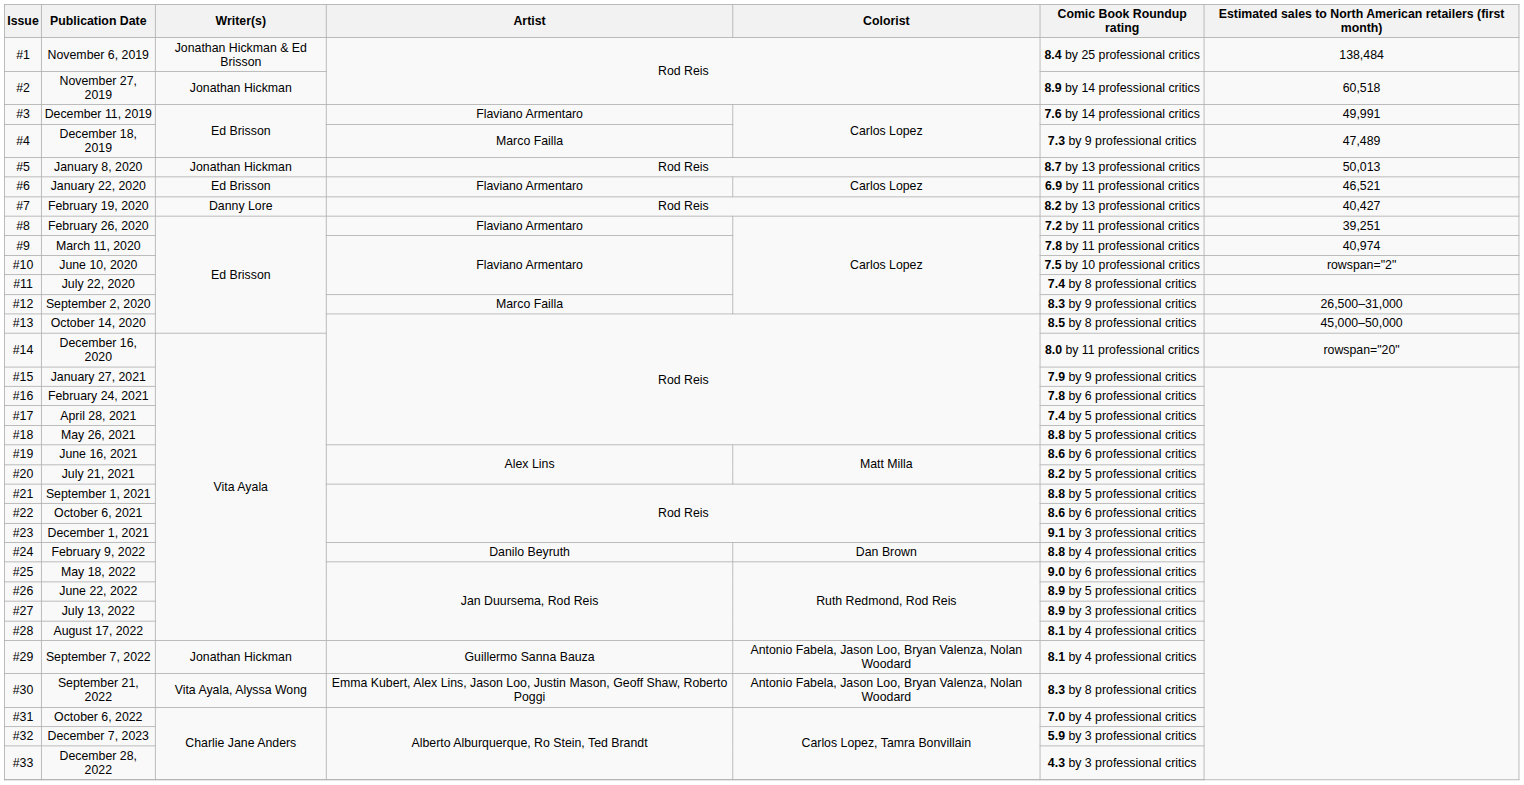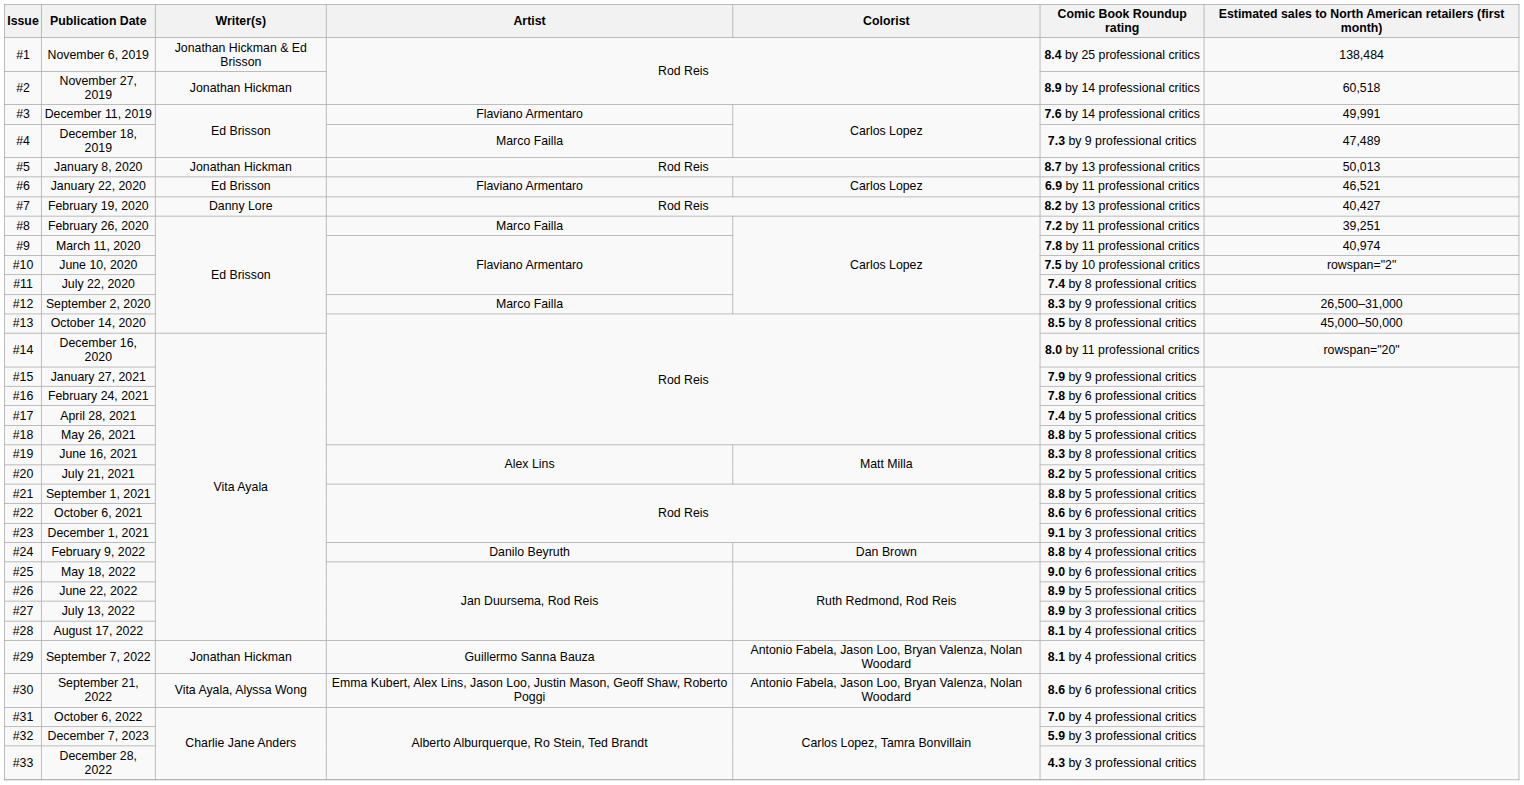 <table class="wikitable plainrowheaders" style="text-align:center;">
 <tr>
 <th scope="col"><strong>Issue</strong></th>
 <th scope="col"><strong>Publication Date</strong></th>
 <th scope="col"><strong>Writer(s)</strong></th>
 <th scope="col"><strong>Artist</strong></th>
 <th scope="col"><strong>Colorist</strong></th>
 <th scope="col"><strong>Comic Book Roundup rating</strong></th>
 <th scope="col"><strong>Estimated sales to North American retailers (first month)</strong></th>
 </tr>
 <tr>
 <td>#1</td>
 <td>November 6, 2019</td>
 <td>Jonathan Hickman & Ed Brisson</td>
 <td colspan="2" rowspan="2">Rod Reis</td>
 <td><strong>8.4</strong> by 25 professional critics</td>
 <td>138,484</td>
 </tr>
 <tr>
 <td>#2</td>
 <td>November 27, 2019</td>
 <td>Jonathan Hickman</td>
 <td><strong>8.9</strong> by 14 professional critics</td>
 <td>60,518</td>
 </tr>
 <tr>
 <td>#3</td>
 <td>December 11, 2019</td>
 <td rowspan="2">Ed Brisson</td>
 <td>Flaviano Armentaro</td>
 <td rowspan="2">Carlos Lopez</td>
 <td><strong>7.6</strong> by 14 professional critics</td>
 <td>49,991</td>
 </tr>
 <tr>
 <td>#4</td>
 <td>December 18, 2019</td>
 <td>Marco Failla</td>
 <td><strong>7.3</strong> by 9 professional critics</td>
 <td>47,489</td>
 </tr>
 <tr>
 <td>#5</td>
 <td>January 8, 2020</td>
 <td>Jonathan Hickman</td>
 <td colspan="2">Rod Reis</td>
 <td><strong>8.7</strong> by 13 professional critics</td>
 <td>50,013</td>
 </tr>
 <tr>
 <td>#6</td>
 <td>January 22, 2020</td>
 <td>Ed Brisson</td>
 <td>Flaviano Armentaro</td>
 <td>Carlos Lopez</td>
 <td><strong>6.9</strong> by 11 professional critics</td>
 <td>46,521</td>
 </tr>
 <tr>
 <td>#7</td>
 <td>February 19, 2020</td>
 <td>Danny Lore</td>
 <td colspan="2">Rod Reis</td>
 <td><strong>8.2</strong> by 13 professional critics</td>
 <td>40,427</td>
 </tr>
 <tr>
 <td>#8</td>
 <td>February 26, 2020</td>
 <td rowspan="6">Ed Brisson</td>
-<td>Flaviano Armentaro</td>
+<td>Marco Failla</td>
 <td rowspan="5">Carlos Lopez</td>
 <td><strong>7.2</strong> by 11 professional critics</td>
 <td>39,251</td>
 </tr>
 <tr>
 <td>#9</td>
 <td>March 11, 2020</td>
 <td rowspan="3">Flaviano Armentaro</td>
 <td><strong>7.8</strong> by 11 professional critics</td>
 <td>40,974</td>
 </tr>
 <tr>
 <td>#10</td>
 <td>June 10, 2020</td>
 <td><strong>7.5</strong> by 10 professional critics</td>
 <td>rowspan="2" </td>
 </tr>
 <tr>
 <td>#11</td>
 <td>July 22, 2020</td>
 <td><strong>7.4</strong> by 8 professional critics</td>
 </tr>
 <tr>
 <td>#12</td>
 <td>September 2, 2020</td>
 <td>Marco Failla</td>
 <td><strong>8.3</strong> by 9 professional critics</td>
 <td>26,500–31,000</td>
 </tr>
 <tr>
 <td>#13</td>
 <td>October 14, 2020</td>
 <td rowspan="6" colspan="2">Rod Reis</td>
 <td><strong>8.5</strong> by 8 professional critics</td>
 <td>45,000–50,000</td>
 </tr>
 <tr>
 <td>#14</td>
 <td>December 16, 2020</td>
 <td rowspan="15">Vita Ayala</td>
 <td><strong>8.0</strong> by 11 professional critics</td>
 <td>rowspan="20" </td>
 </tr>
 <tr>
 <td>#15</td>
 <td>January 27, 2021</td>
 <td><strong>7.9</strong> by 9 professional critics</td>
 </tr>
 <tr>
 <td>#16</td>
 <td>February 24, 2021</td>
 <td><strong>7.8</strong> by 6 professional critics</td>
 </tr>
 <tr>
 <td>#17</td>
 <td>April 28, 2021</td>
 <td><strong>7.4</strong> by 5 professional critics</td>
 </tr>
 <tr>
 <td>#18</td>
 <td>May 26, 2021</td>
 <td><strong>8.8</strong> by 5 professional critics</td>
 </tr>
 <tr>
 <td>#19</td>
 <td>June 16, 2021</td>
 <td rowspan="2">Alex Lins</td>
 <td rowspan="2">Matt Milla</td>
-<td><strong>8.6</strong> by 6 professional critics</td>
+<td><strong>8.3</strong> by 8 professional critics</td>
 </tr>
 <tr>
 <td>#20</td>
 <td>July 21, 2021</td>
 <td><strong>8.2</strong> by 5 professional critics</td>
 </tr>
 <tr>
 <td>#21</td>
 <td>September 1, 2021</td>
 <td rowspan="3" colspan="2">Rod Reis</td>
 <td><strong>8.8</strong> by 5 professional critics</td>
 </tr>
 <tr>
 <td>#22</td>
 <td>October 6, 2021</td>
 <td><strong>8.6</strong> by 6 professional critics</td>
 </tr>
 <tr>
 <td>#23</td>
 <td>December 1, 2021</td>
 <td><strong>9.1</strong> by 3 professional critics</td>
 </tr>
 <tr>
 <td>#24</td>
 <td>February 9, 2022</td>
 <td>Danilo Beyruth</td>
 <td>Dan Brown</td>
 <td><strong>8.8</strong> by 4 professional critics</td>
 </tr>
 <tr>
 <td>#25</td>
 <td>May 18, 2022</td>
 <td rowspan="4">Jan Duursema, Rod Reis</td>
 <td rowspan="4">Ruth Redmond, Rod Reis</td>
 <td><strong>9.0</strong> by 6 professional critics</td>
 </tr>
 <tr>
 <td>#26</td>
 <td>June 22, 2022</td>
 <td><strong>8.9</strong> by 5 professional critics</td>
 </tr>
 <tr>
 <td>#27</td>
 <td>July 13, 2022</td>
 <td><strong>8.9</strong> by 3 professional critics</td>
 </tr>
 <tr>
 <td>#28</td>
 <td>August 17, 2022</td>
 <td><strong>8.1</strong> by 4 professional critics</td>
 </tr>
 <tr>
 <td>#29</td>
 <td>September 7, 2022</td>
 <td>Jonathan Hickman</td>
 <td>Guillermo Sanna Bauza</td>
 <td>Antonio Fabela, Jason Loo, Bryan Valenza, Nolan Woodard</td>
 <td><strong>8.1</strong> by 4 professional critics</td>
 </tr>
 <tr>
 <td>#30</td>
 <td>September 21, 2022</td>
 <td>Vita Ayala, Alyssa Wong</td>
 <td>Emma Kubert, Alex Lins, Jason Loo, Justin Mason, Geoff Shaw, Roberto Poggi</td>
 <td>Antonio Fabela, Jason Loo, Bryan Valenza, Nolan Woodard</td>
-<td><strong>8.3</strong> by 8 professional critics</td>
+<td><strong>8.6</strong> by 6 professional critics</td>
 </tr>
 <tr>
 <td>#31</td>
 <td>October 6, 2022</td>
 <td rowspan="3">Charlie Jane Anders</td>
 <td rowspan="3">Alberto Alburquerque, Ro Stein, Ted Brandt</td>
 <td rowspan="3">Carlos Lopez, Tamra Bonvillain</td>
 <td><strong>7.0</strong> by 4 professional critics</td>
 </tr>
 <tr>
 <td>#32</td>
 <td>December 7, 2023</td>
 <td><strong>5.9</strong> by 3 professional critics</td>
 </tr>
 <tr>
 <td>#33</td>
 <td>December 28, 2022</td>
 <td><strong>4.3</strong> by 3 professional critics</td>
 </tr>
 <tr>
 </tr>
 </table>
